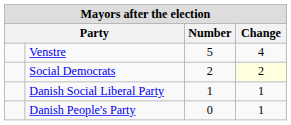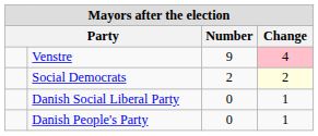 <table class="wikitable" style="">
 <tr>
 <td colspan="4" style="background:#dddddd; text-align:center;"><strong>Mayors after the election</strong></td>
 </tr>
 <tr>
 <th colspan="2">Party</th>
 <th style="width:60px;">Number</th>
 <th style="width:60px;">Change</th>
 </tr>
 <tr>
 <td style="width:20px; background:"></td>
 <td style="width:200px; padding-left:5px;"><a href='#'>Venstre</a></td>
-<td style="text-align:center;">5</td>
-<td style="text-align:center;"> 4</td>
+<td style="text-align:center;">9</td>
+<td style="background: pink; text-align:center;"> 4</td>
 </tr>
 <tr>
 <td style="background:"></td>
 <td style="padding-left:5px;"><a href='#'>Social Democrats</a></td>
 <td style="text-align:center;">2</td>
 <td style="background: lightyellow; text-align:center;"> 2</td>
 </tr>
 <tr>
 <td style="background:"></td>
 <td style="padding-left:5px;"><a href='#'>Danish Social Liberal Party</a></td>
-<td style="text-align:center;">1</td>
+<td style="text-align:center;">0</td>
 <td style="text-align:center;"> 1</td>
 </tr>
 <tr>
 <td style="background:"></td>
 <td style="padding-left:5px;"><a href='#'>Danish People's Party</a></td>
 <td style="text-align:center;">0</td>
 <td style="text-align:center;"> 1</td>
 </tr>
 </table>
